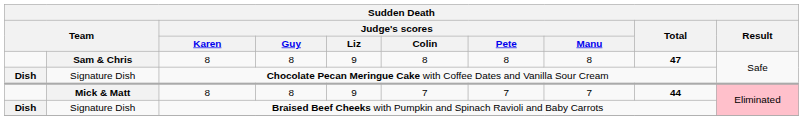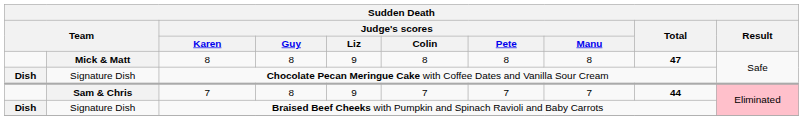 <table class="wikitable plainrowheaders" style="margin:1em auto; text-align:center; font-size:90%; width:80em;">
 <tr>
 <th colspan="10" >Sudden Death</th>
 </tr>
 <tr>
 <th rowspan="2" colspan="2">Team</th>
 <th colspan="6">Judge's scores</th>
 <th rowspan="2">Total<br></th>
 <th rowspan="2">Result</th>
 </tr>
 <tr>
 <th><a href='#'>Karen</a></th>
 <th><a href='#'>Guy</a></th>
 <th>Liz</th>
 <th>Colin</th>
 <th><a href='#'>Pete</a></th>
 <th><a href='#'>Manu</a></th>
 </tr>
 <tr>
 <td></td>
-<th>Sam & Chris</th>
+<th>Mick & Matt</th>
 <td>8</td>
 <td>8</td>
 <td>9</td>
 <td>8</td>
 <td>8</td>
 <td>8</td>
 <td><strong>47</strong></td>
 <td rowspan="2">Safe</td>
 </tr>
 <tr>
 <th>Dish</th>
 <td>Signature Dish</td>
 <td colspan="7"><strong>Chocolate Pecan Meringue Cake</strong> with Coffee Dates and Vanilla Sour Cream</td>
 </tr>
 <tr style="border-top:3px solid #aaa;">
 <td></td>
-<th>Mick & Matt</th>
-<td>8</td>
+<th>Sam & Chris</th>
+<td>7</td>
 <td>8</td>
 <td>9</td>
 <td>7</td>
 <td>7</td>
 <td>7</td>
 <td><strong>44</strong></td>
 <td rowspan="2" style="background:pink">Eliminated</td>
 </tr>
 <tr>
 <th>Dish</th>
 <td>Signature Dish</td>
 <td colspan="7"><strong>Braised Beef Cheeks</strong> with Pumpkin and Spinach Ravioli and Baby Carrots</td>
 </tr>
 <tr>
 </tr>
 </table>
